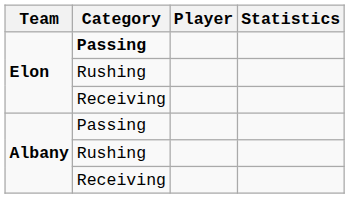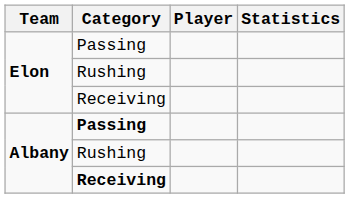 <table class="wikitable" style="float: right;">
 <tr>
 <th>Team</th>
 <th>Category</th>
 <th>Player</th>
 <th>Statistics</th>
 </tr>
 <tr>
 <td rowspan=3><strong>Elon</strong></td>
-<td><strong>Passing</strong></td>
+<td>Passing</td>
 <td></td>
 <td></td>
 </tr>
 <tr>
 <td>Rushing</td>
 <td></td>
 <td></td>
 </tr>
 <tr>
 <td>Receiving</td>
 <td></td>
 <td></td>
 </tr>
 <tr>
 <td rowspan=3><strong>Albany</strong></td>
-<td>Passing</td>
+<td><strong>Passing</strong></td>
 <td></td>
 <td></td>
 </tr>
 <tr>
 <td>Rushing</td>
 <td></td>
 <td></td>
 </tr>
 <tr>
-<td>Receiving</td>
+<td><strong>Receiving</strong></td>
 <td></td>
 <td></td>
 </tr>
 </table>
